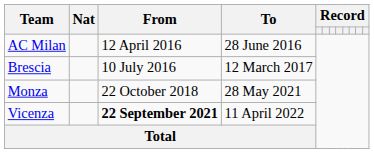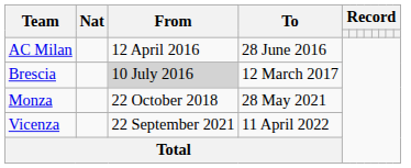 <table class="wikitable" style="text-align:center">
 <tr>
 <th rowspan="2">Team</th>
 <th rowspan="2">Nat</th>
 <th rowspan="2">From</th>
 <th rowspan="2">To</th>
 <th colspan="8">Record</th>
 </tr>
 <tr>
 <th></th>
 <th></th>
 <th></th>
 <th></th>
 <th></th>
 <th></th>
 <th></th>
 <th></th>
 </tr>
 <tr>
 <td align=left><a href='#'>AC Milan</a></td>
 <td></td>
 <td align=left>12 April 2016</td>
 <td align=left>28 June 2016<br></td>
 </tr>
 <tr>
 <td align=left><a href='#'>Brescia</a></td>
 <td></td>
-<td align=left>10 July 2016</td>
+<td align=left style="background: lightgrey;">10 July 2016</td>
 <td align=left>12 March 2017<br></td>
 </tr>
 <tr>
 <td align=left><a href='#'>Monza</a></td>
 <td></td>
 <td align=left>22 October 2018</td>
 <td align=left>28 May 2021<br></td>
 </tr>
 <tr>
 <td align=left><a href='#'>Vicenza</a></td>
 <td></td>
-<td align=left><strong>22 September 2021</strong></td>
+<td align=left>22 September 2021</td>
 <td align=left>11 April 2022<br></td>
 </tr>
 <tr>
 <th colspan="4">Total<br></th>
 </tr>
 </table>
